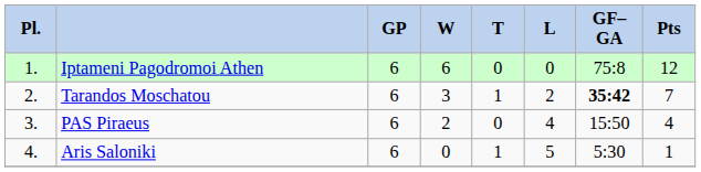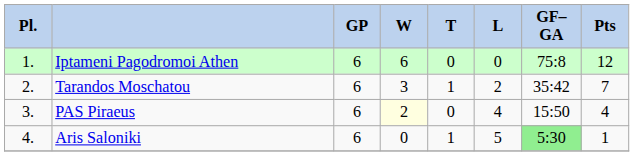 <table class="wikitable" width="70%">
 <tr style="font-weight:bold; background-color:#BCD2EE;" align="center" |>
 <td width="5%">Pl.</td>
 <td width="30%"></td>
 <td width="5%">GP</td>
 <td width="5%">W</td>
 <td width="5%">T</td>
 <td width="5%">L</td>
 <td width="5%">GF–GA</td>
 <td width="5%">Pts</td>
 </tr>
 <tr align="center" bgcolor="#CCFFCC">
 <td>1.</td>
 <td align="left"><a href='#'>Iptameni Pagodromoi Athen</a></td>
 <td>6</td>
 <td>6</td>
 <td>0</td>
 <td>0</td>
 <td>75:8</td>
 <td>12</td>
 </tr>
 <tr align="center">
 <td>2.</td>
 <td align="left"><a href='#'>Tarandos Moschatou</a></td>
 <td>6</td>
 <td>3</td>
 <td>1</td>
 <td>2</td>
-<td><strong>35:42</strong></td>
+<td>35:42</td>
 <td>7</td>
 </tr>
 <tr align="center">
 <td>3.</td>
 <td align="left"><a href='#'>PAS Piraeus</a></td>
 <td>6</td>
-<td>2</td>
+<td style="background: lightyellow;">2</td>
 <td>0</td>
 <td>4</td>
 <td>15:50</td>
 <td>4</td>
 </tr>
 <tr align="center">
 <td>4.</td>
 <td align="left"><a href='#'>Aris Saloniki</a></td>
 <td>6</td>
 <td>0</td>
 <td>1</td>
 <td>5</td>
-<td>5:30</td>
+<td style="background: lightgreen;">5:30</td>
 <td>1</td>
 </tr>
 <tr align="center">
 </tr>
 </table>
